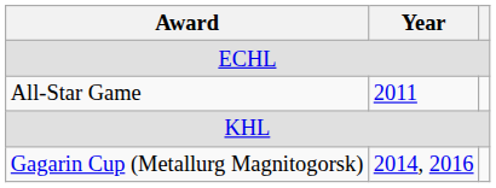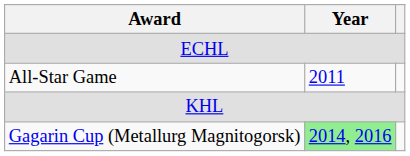 <table class="wikitable">
 <tr>
 <th>Award</th>
 <th>Year</th>
 <th></th>
 </tr>
 <tr ALIGN="center" bgcolor="#e0e0e0">
 <td colspan="3"><a href='#'>ECHL</a></td>
 </tr>
 <tr>
 <td>All-Star Game</td>
 <td><a href='#'>2011</a></td>
 <td></td>
 </tr>
 <tr ALIGN="center" bgcolor="#e0e0e0">
 <td colspan="3"><a href='#'>KHL</a></td>
 </tr>
 <tr>
 <td><a href='#'>Gagarin Cup</a> (Metallurg Magnitogorsk)</td>
-<td><a href='#'>2014</a>, <a href='#'>2016</a></td>
+<td style="background: lightgreen;"><a href='#'>2014</a>, <a href='#'>2016</a></td>
 <td></td>
 </tr>
 </table>
